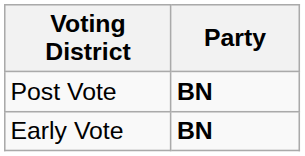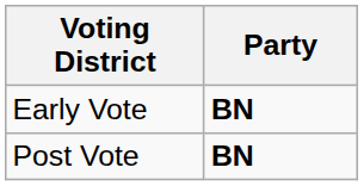 <table class ="wikitable sortable">
 <tr>
 <th style="width:100px;">Voting District</th>
 <th style="width:75px;">Party</th>
 </tr>
 <tr>
+<td>Early Vote</td>
+<td><strong>BN</strong></td>
+</tr>
+<tr>
 <td>Post Vote</td>
 <td><strong>BN</strong></td>
 </tr>
-<tr>
-<td>Early Vote</td>
-<td><strong>BN</strong></td>
-</tr>
 </table>
